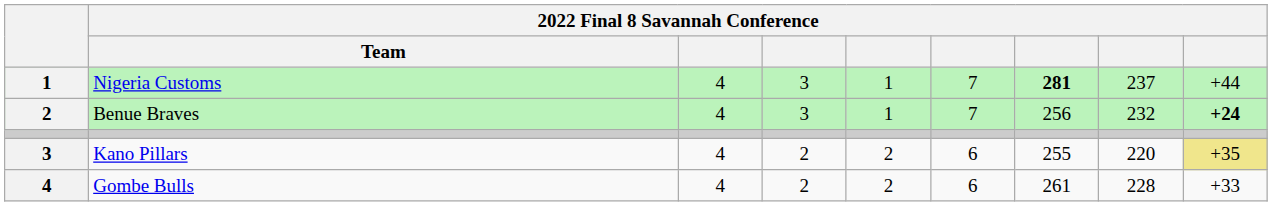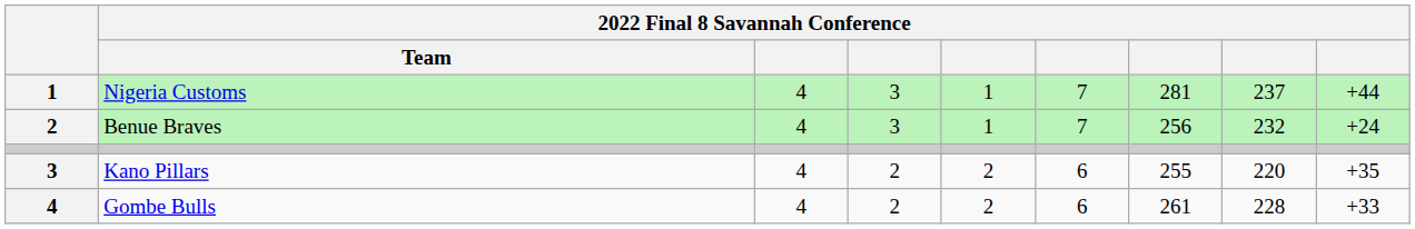 <table class="wikitable" width="80%" style="font-size:95%; text-align:center">
 <tr>
 <th rowspan="2" width="5%"></th>
 <th colspan="8" style="text-align:center">2022 Final 8 Savannah Conference</th>
 </tr>
 <tr>
 <th width="35%">Team</th>
 <th width="5%"></th>
 <th width="5%"></th>
 <th width="5%"></th>
 <th width="5%"></th>
 <th width="5%"></th>
 <th width="5%"></th>
 <th width="5%"></th>
 </tr>
 <tr style="background-color:#BBF3BB;">
 <th>1</th>
 <td style="text-align:left;"><a href='#'>Nigeria Customs</a></td>
 <td>4</td>
 <td>3</td>
 <td>1</td>
 <td>7</td>
-<td><strong>281</strong></td>
+<td>281</td>
 <td>237</td>
 <td>+44</td>
 </tr>
 <tr style="background-color:#BBF3BB;">
 <th>2</th>
 <td style="text-align:left;">Benue Braves</td>
 <td>4</td>
 <td>3</td>
 <td>1</td>
 <td>7</td>
 <td>256</td>
 <td>232</td>
-<td><strong>+24</strong></td>
+<td>+24</td>
 </tr>
 <tr style="background-color:#CCCCCC">
 <td></td>
 <td></td>
 <td></td>
 <td></td>
 <td></td>
 <td></td>
 <td></td>
 <td></td>
 <td></td>
 </tr>
 <tr>
 <th>3</th>
 <td style="text-align:left;"><a href='#'>Kano Pillars</a></td>
 <td>4</td>
 <td>2</td>
 <td>2</td>
 <td>6</td>
 <td>255</td>
 <td>220</td>
-<td style="background: khaki;">+35</td>
+<td>+35</td>
 </tr>
 <tr>
 <th>4</th>
 <td style="text-align:left;"><a href='#'>Gombe Bulls</a></td>
 <td>4</td>
 <td>2</td>
 <td>2</td>
 <td>6</td>
 <td>261</td>
 <td>228</td>
 <td>+33</td>
 </tr>
 </table>
